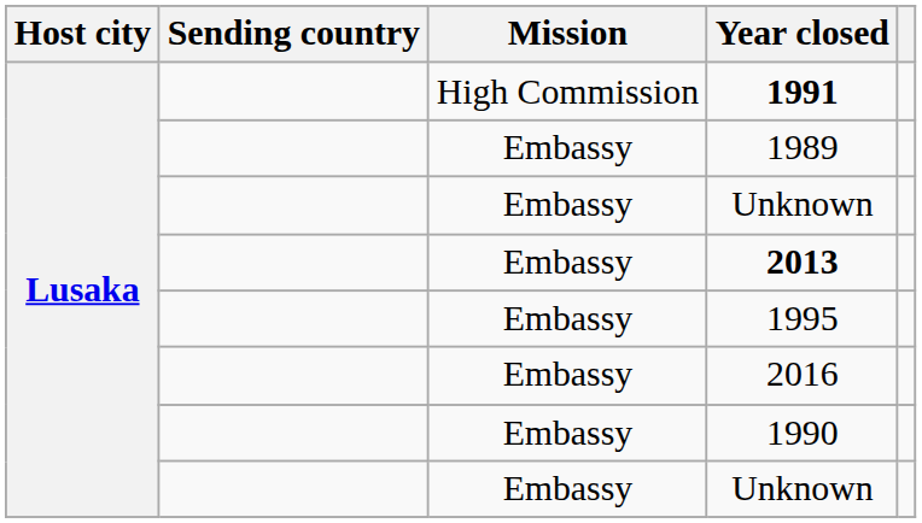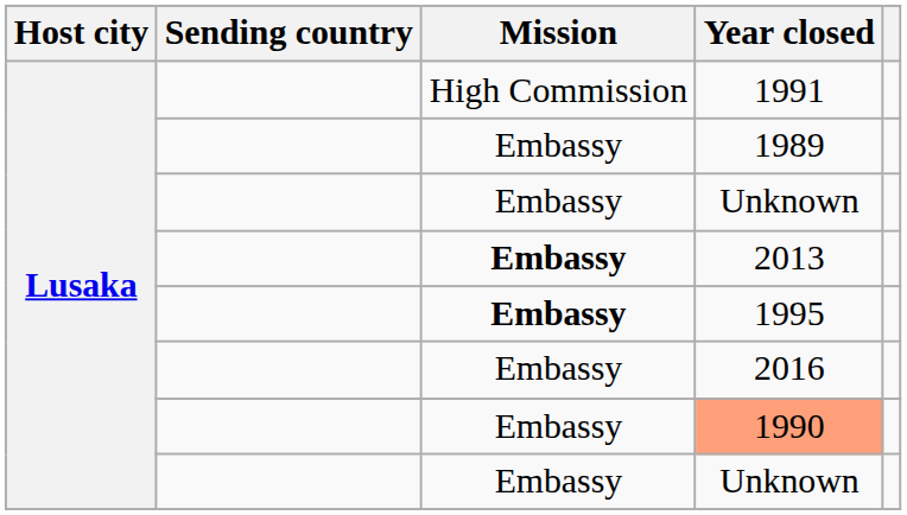 <table class="wikitable plainrowheaders">
 <tr>
 <th scope="col">Host city</th>
 <th scope="col">Sending country</th>
 <th scope="col">Mission</th>
 <th scope="col">Year closed</th>
 <th scope="col"></th>
 </tr>
 <tr>
 <th rowspan="8"><a href='#'>Lusaka</a></th>
 <td></td>
 <td style="text-align:center;">High Commission</td>
-<td style="text-align:center;"><strong>1991</strong></td>
+<td style="text-align:center;">1991</td>
 <td></td>
 </tr>
 <tr>
 <td></td>
 <td style="text-align:center;">Embassy</td>
 <td style="text-align:center;">1989</td>
 <td></td>
 </tr>
 <tr>
 <td></td>
 <td style="text-align:center;">Embassy</td>
 <td style="text-align:center;">Unknown</td>
 <td></td>
 </tr>
 <tr>
 <td></td>
-<td style="text-align:center;">Embassy</td>
-<td style="text-align:center;"><strong>2013</strong></td>
+<td style="text-align:center;"><strong>Embassy</strong></td>
+<td style="text-align:center;">2013</td>
 <td></td>
 </tr>
 <tr>
 <td></td>
-<td style="text-align:center;">Embassy</td>
+<td style="text-align:center;"><strong>Embassy</strong></td>
 <td style="text-align:center;">1995</td>
 <td></td>
 </tr>
 <tr>
 <td></td>
 <td style="text-align:center;">Embassy</td>
 <td style="text-align:center;">2016</td>
 <td></td>
 </tr>
 <tr>
 <td></td>
 <td style="text-align:center;">Embassy</td>
-<td style="text-align:center;">1990</td>
+<td style="background: lightsalmon; text-align:center;">1990</td>
 <td></td>
 </tr>
 <tr>
 <td></td>
 <td style="text-align:center;">Embassy</td>
 <td style="text-align:center;">Unknown</td>
 <td></td>
 </tr>
 </table>
